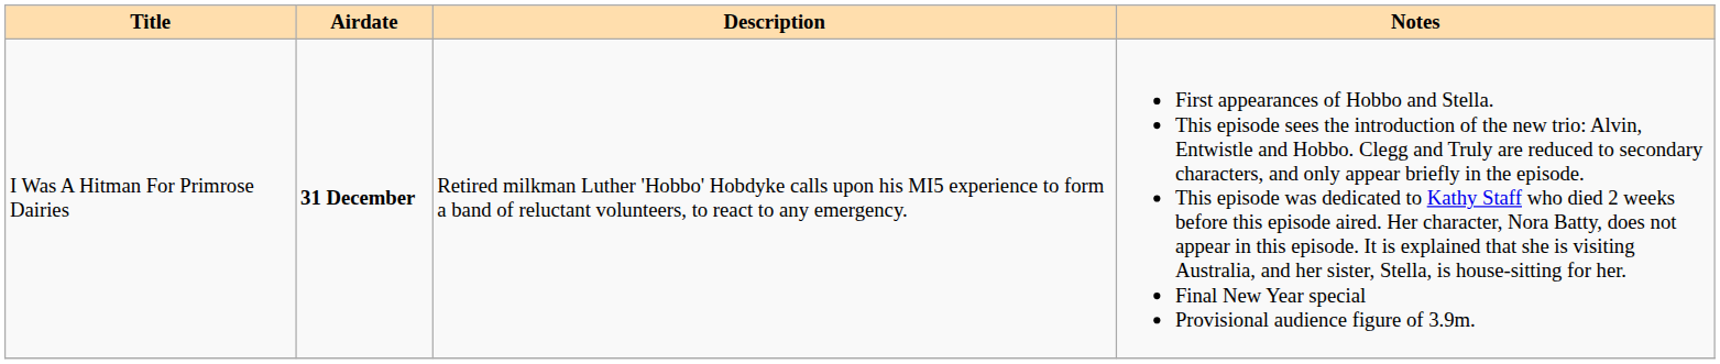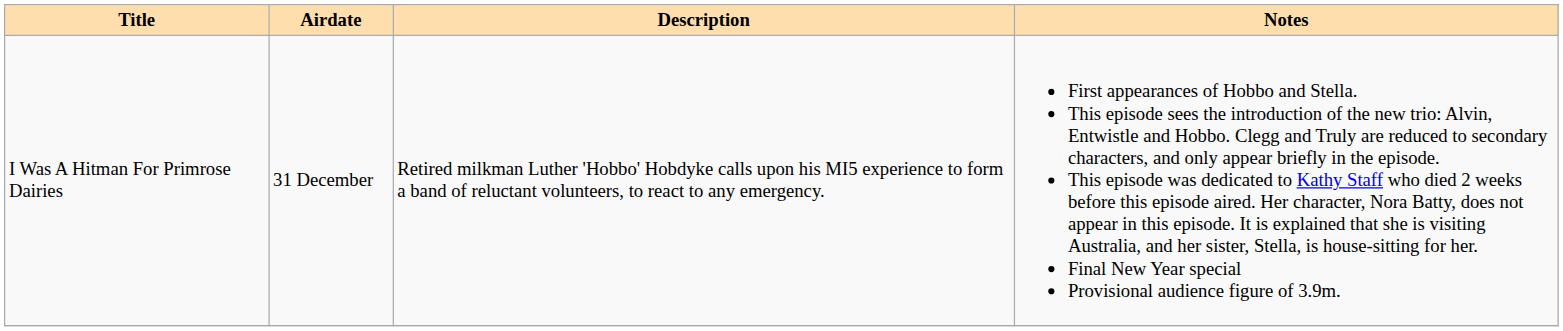 <table class="wikitable" width=100% border=1 style="font-size: 95%">
 <tr>
 <th style="background:#ffdead" width=17%>Title</th>
 <th style="background:#ffdead" width=8%>Airdate</th>
 <th style="background:#ffdead" width=40%>Description</th>
 <th style="background:#ffdead" width=35%>Notes</th>
 </tr>
 <tr>
 <td>I Was A Hitman For Primrose Dairies</td>
-<td><strong>31 December</strong></td>
+<td>31 December</td>
 <td>Retired milkman Luther 'Hobbo' Hobdyke calls upon his MI5 experience to form a band of reluctant volunteers, to react to any emergency.</td>
 <td><br><ul><li>First appearances of Hobbo and Stella.</li><li>This episode sees the introduction of the new trio: Alvin, Entwistle and Hobbo. Clegg and Truly are reduced to secondary characters, and only appear briefly in the episode.</li><li>This episode was dedicated to <a href='#'>Kathy Staff</a> who died 2 weeks before this episode aired. Her character, Nora Batty, does not appear in this episode. It is explained that she is visiting Australia, and her sister, Stella, is house-sitting for her.</li><li>Final New Year special</li><li>Provisional audience figure of 3.9m.</li></ul></td>
 </tr>
 <tr>
 </tr>
 </table>
